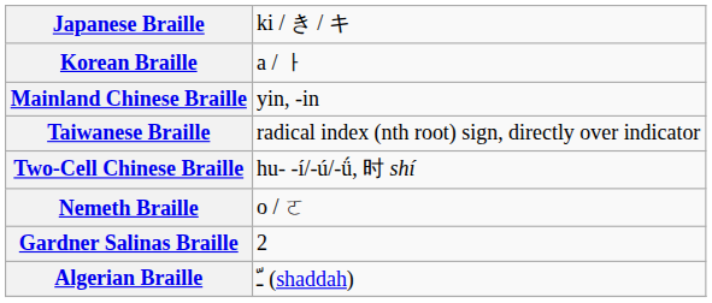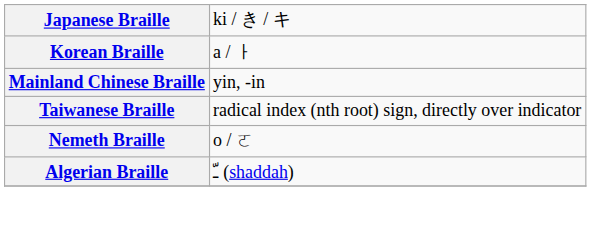 <table class="wikitable">
 <tr>
 <th align=left><a href='#'>Japanese Braille</a></th>
 <td>ki / き / キ </td>
 </tr>
 <tr>
 <th align=left><a href='#'>Korean Braille</a></th>
 <td>a / ㅏ </td>
 </tr>
 <tr>
 <th align=left><a href='#'>Mainland Chinese Braille</a></th>
 <td>yin, -in </td>
 </tr>
 <tr>
 <th align=left><a href='#'>Taiwanese Braille</a></th>
 <td>radical index (nth root) sign, directly over indicator </td>
 </tr>
 <tr>
-<th align=left><a href='#'>Two-Cell Chinese Braille</a></th>
-<td>hu- -í/-ú/-ǘ, 时 <em>shí</em></td>
-</tr>
-<tr>
 <th align=left><a href='#'>Nemeth Braille</a></th>
 <td>o / ㄛ</td>
-</tr>
-<tr>
-<th align=left><a href='#'>Gardner Salinas Braille</a></th>
-<td>2 </td>
 </tr>
 <tr>
 <th align=left><a href='#'>Algerian Braille</a></th>
 <td>ـّ (<a href='#'>shaddah</a>) ‎</td>
 </tr>
 <tr>
 </tr>
 </table>
